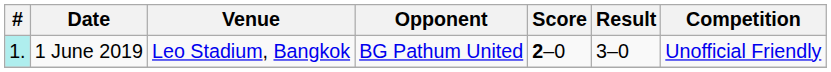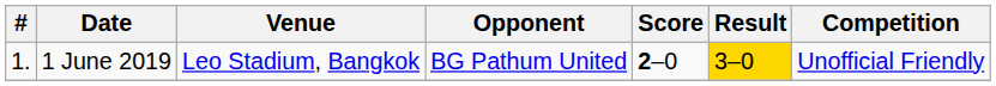 <table class="wikitable">
 <tr>
 <th>#</th>
 <th>Date</th>
 <th>Venue</th>
 <th>Opponent</th>
 <th>Score</th>
 <th>Result</th>
 <th>Competition</th>
 </tr>
 <tr>
-<td style="background: paleturquoise;">1.</td>
+<td>1.</td>
 <td>1 June 2019</td>
 <td><a href='#'>Leo Stadium</a>, <a href='#'>Bangkok</a></td>
 <td> <a href='#'>BG Pathum United</a></td>
 <td><strong>2</strong>–0</td>
-<td>3–0</td>
+<td style="background: gold;">3–0</td>
 <td><a href='#'>Unofficial Friendly</a></td>
 </tr>
 <tr>
 </tr>
 </table>
